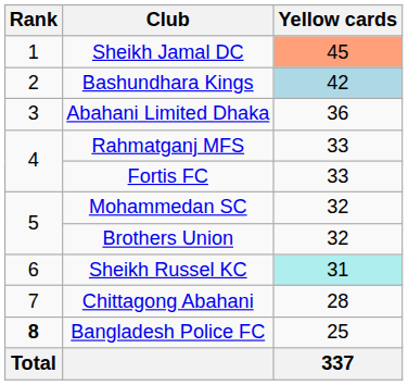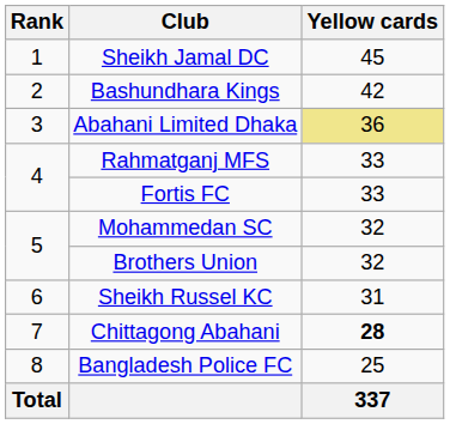 <table class="wikitable" style="text-align:center">
 <tr>
 <th>Rank</th>
 <th>Club</th>
 <th>Yellow cards</th>
 </tr>
 <tr>
 <td>1</td>
 <td><a href='#'>Sheikh Jamal DC</a></td>
-<td style="background: lightsalmon;">45</td>
+<td>45</td>
 </tr>
 <tr>
 <td>2</td>
 <td><a href='#'>Bashundhara Kings</a></td>
-<td style="background: lightblue;">42</td>
+<td>42</td>
 </tr>
 <tr>
 <td>3</td>
 <td><a href='#'>Abahani Limited Dhaka</a></td>
-<td>36</td>
+<td style="background: khaki;">36</td>
 </tr>
 <tr>
 <td rowspan=2>4</td>
 <td><a href='#'>Rahmatganj MFS</a></td>
 <td>33</td>
 </tr>
 <tr>
 <td><a href='#'>Fortis FC</a></td>
 <td>33</td>
 </tr>
 <tr>
 <td rowspan="2">5</td>
 <td><a href='#'>Mohammedan SC</a></td>
 <td>32</td>
 </tr>
 <tr>
 <td><a href='#'>Brothers Union</a></td>
 <td>32</td>
 </tr>
 <tr>
 <td>6</td>
 <td><a href='#'>Sheikh Russel KC</a></td>
-<td style="background: paleturquoise;">31</td>
+<td>31</td>
 </tr>
 <tr>
 <td>7</td>
 <td><a href='#'>Chittagong Abahani</a></td>
-<td>28</td>
+<td><strong>28</strong></td>
 </tr>
 <tr>
-<td><strong>8</strong></td>
+<td>8</td>
 <td><a href='#'>Bangladesh Police FC</a></td>
 <td>25</td>
 </tr>
 <tr>
 <th>Total</th>
 <th></th>
 <th>337</th>
 </tr>
 </table>
